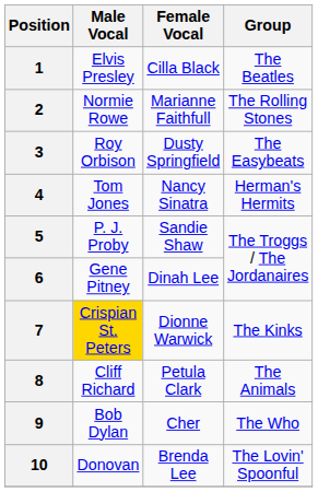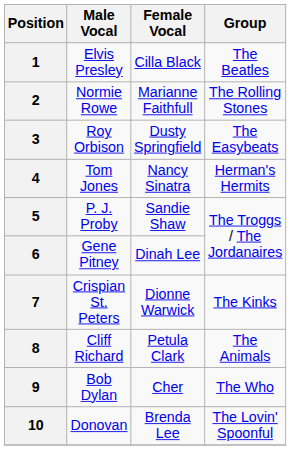 <table class="wikitable" style="text-align:center; width:200px; height:200px" border="1">
 <tr>
 <th>Position</th>
 <th>Male Vocal</th>
 <th>Female Vocal</th>
 <th>Group</th>
 </tr>
 <tr>
 <th>1</th>
 <td><a href='#'>Elvis Presley</a></td>
 <td><a href='#'>Cilla Black</a></td>
 <td><a href='#'>The Beatles</a></td>
 </tr>
 <tr>
 <th>2</th>
 <td><a href='#'>Normie Rowe</a></td>
 <td><a href='#'>Marianne Faithfull</a></td>
 <td><a href='#'>The Rolling Stones</a></td>
 </tr>
 <tr>
 <th>3</th>
 <td><a href='#'>Roy Orbison</a></td>
 <td><a href='#'>Dusty Springfield</a></td>
 <td><a href='#'>The Easybeats</a></td>
 </tr>
 <tr>
 <th>4</th>
 <td><a href='#'>Tom Jones</a></td>
 <td><a href='#'>Nancy Sinatra</a></td>
 <td><a href='#'>Herman's Hermits</a></td>
 </tr>
 <tr>
 <th>5</th>
 <td><a href='#'>P. J. Proby</a></td>
 <td><a href='#'>Sandie Shaw</a></td>
 <td rowspan="2"><a href='#'>The Troggs</a> / <a href='#'>The Jordanaires</a></td>
 </tr>
 <tr>
 <th>6</th>
 <td><a href='#'>Gene Pitney</a></td>
 <td><a href='#'>Dinah Lee</a></td>
 </tr>
 <tr>
 <th>7</th>
-<td style="background: gold;"><a href='#'>Crispian St. Peters</a></td>
+<td><a href='#'>Crispian St. Peters</a></td>
 <td><a href='#'>Dionne Warwick</a></td>
 <td><a href='#'>The Kinks</a></td>
 </tr>
 <tr>
 <th>8</th>
 <td><a href='#'>Cliff Richard</a></td>
 <td><a href='#'>Petula Clark</a></td>
 <td><a href='#'>The Animals</a></td>
 </tr>
 <tr>
 <th>9</th>
 <td><a href='#'>Bob Dylan</a></td>
 <td><a href='#'>Cher</a></td>
 <td><a href='#'>The Who</a></td>
 </tr>
 <tr>
 <th>10</th>
 <td><a href='#'>Donovan</a></td>
 <td><a href='#'>Brenda Lee</a></td>
 <td><a href='#'>The Lovin' Spoonful</a></td>
 </tr>
 <tr>
 </tr>
 </table>
